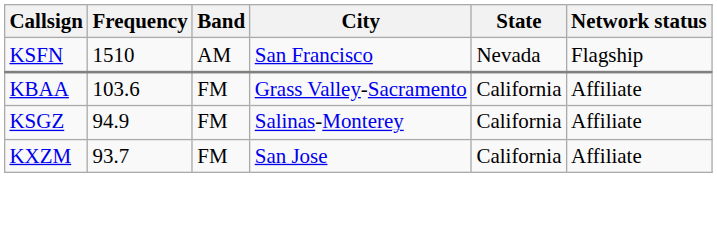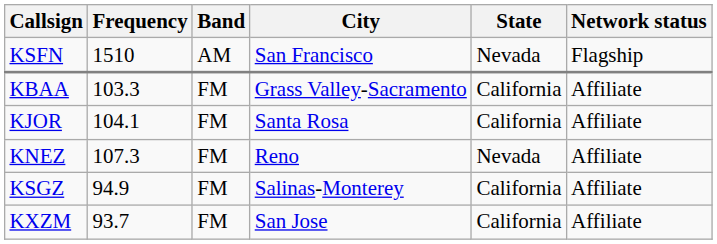 <table class="wikitable sortable">
 <tr>
 <th>Callsign</th>
 <th>Frequency</th>
 <th>Band</th>
 <th>City</th>
 <th>State</th>
 <th>Network status</th>
 </tr>
 <tr style="border-bottom: 2px solid grey">
 <td><a href='#'>KSFN</a></td>
 <td data-sort-value=001510>1510</td>
 <td>AM</td>
 <td><a href='#'>San Francisco</a></td>
 <td>Nevada</td>
 <td>Flagship</td>
 </tr>
 <tr>
 <td><a href='#'>KBAA</a></td>
-<td data-sort-value=103300>103.6</td>
+<td data-sort-value=103300>103.3</td>
 <td>FM</td>
 <td><a href='#'>Grass Valley</a>-<a href='#'>Sacramento</a></td>
 <td>California</td>
+<td>Affiliate</td>
+</tr>
+<tr>
+<td><a href='#'>KJOR</a></td>
+<td data-sort-value=104100>104.1</td>
+<td>FM</td>
+<td><a href='#'>Santa Rosa</a></td>
+<td>California</td>
+<td>Affiliate</td>
+</tr>
+<tr>
+<td><a href='#'>KNEZ</a></td>
+<td data-sort-value=107300>107.3</td>
+<td>FM</td>
+<td><a href='#'>Reno</a></td>
+<td>Nevada</td>
 <td>Affiliate</td>
 </tr>
 <tr>
 <td><a href='#'>KSGZ</a></td>
 <td data-sort-value=095100>94.9</td>
 <td>FM</td>
 <td><a href='#'>Salinas</a>-<a href='#'>Monterey</a></td>
 <td>California</td>
 <td>Affiliate</td>
 </tr>
 <tr>
 <td><a href='#'>KXZM</a></td>
 <td data-sort-value=093700>93.7</td>
 <td>FM</td>
 <td><a href='#'>San Jose</a></td>
 <td>California</td>
 <td>Affiliate</td>
 </tr>
 </table>
